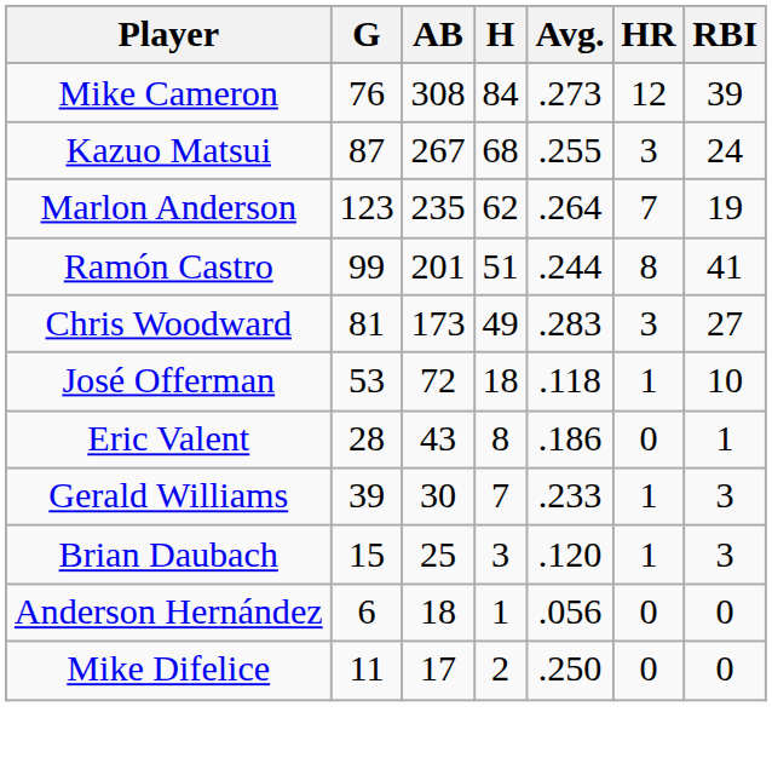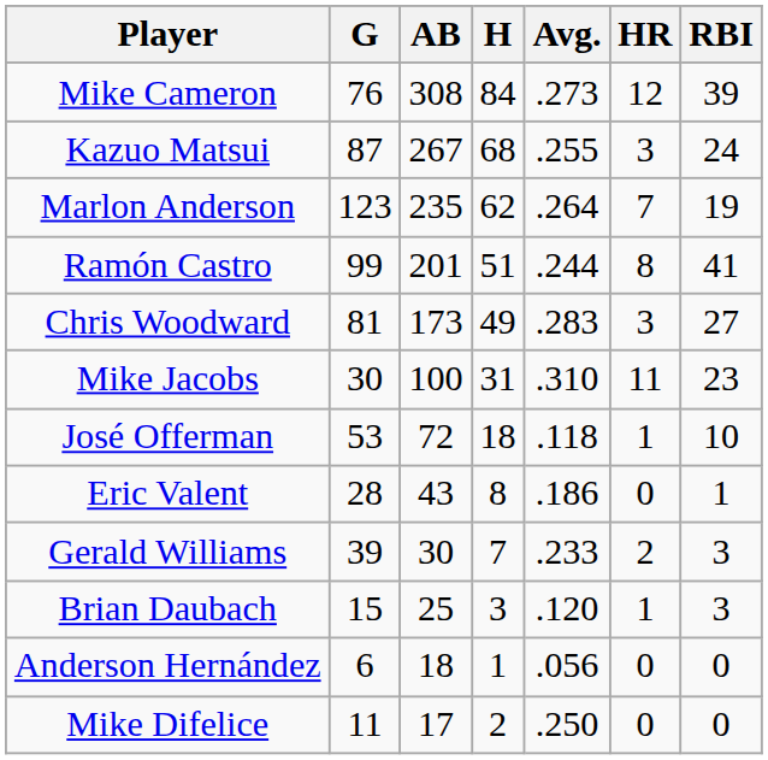 <table class="wikitable sortable">
 <tr>
 <th>Player</th>
 <th>G</th>
 <th>AB</th>
 <th>H</th>
 <th>Avg.</th>
 <th>HR</th>
 <th>RBI</th>
 </tr>
 <tr align="center">
 <td><a href='#'>Mike Cameron</a></td>
 <td>76</td>
 <td>308</td>
 <td>84</td>
 <td>.273</td>
 <td>12</td>
 <td>39</td>
 </tr>
 <tr align=center>
 <td><a href='#'>Kazuo Matsui</a></td>
 <td>87</td>
 <td>267</td>
 <td>68</td>
 <td>.255</td>
 <td>3</td>
 <td>24</td>
 </tr>
 <tr align="center">
 <td><a href='#'>Marlon Anderson</a></td>
 <td>123</td>
 <td>235</td>
 <td>62</td>
 <td>.264</td>
 <td>7</td>
 <td>19</td>
 </tr>
 <tr align=center>
 <td><a href='#'>Ramón Castro</a></td>
 <td>99</td>
 <td>201</td>
 <td>51</td>
 <td>.244</td>
 <td>8</td>
 <td>41</td>
 </tr>
 <tr align=center>
 <td><a href='#'>Chris Woodward</a></td>
 <td>81</td>
 <td>173</td>
 <td>49</td>
 <td>.283</td>
 <td>3</td>
 <td>27</td>
 </tr>
 <tr align=center>
+<td><a href='#'>Mike Jacobs</a></td>
+<td>30</td>
+<td>100</td>
+<td>31</td>
+<td>.310</td>
+<td>11</td>
+<td>23</td>
+</tr>
+<tr align=center>
 <td><a href='#'>José Offerman</a></td>
 <td>53</td>
 <td>72</td>
 <td>18</td>
 <td>.118</td>
 <td>1</td>
 <td>10</td>
 </tr>
 <tr align=center>
 <td><a href='#'>Eric Valent</a></td>
 <td>28</td>
 <td>43</td>
 <td>8</td>
 <td>.186</td>
 <td>0</td>
 <td>1</td>
 </tr>
 <tr align=center>
 <td><a href='#'>Gerald Williams</a></td>
 <td>39</td>
 <td>30</td>
 <td>7</td>
 <td>.233</td>
-<td>1</td>
+<td>2</td>
 <td>3</td>
 </tr>
 <tr align=center>
 <td><a href='#'>Brian Daubach</a></td>
 <td>15</td>
 <td>25</td>
 <td>3</td>
 <td>.120</td>
 <td>1</td>
 <td>3</td>
 </tr>
 <tr align=center>
 <td><a href='#'>Anderson Hernández</a></td>
 <td>6</td>
 <td>18</td>
 <td>1</td>
 <td>.056</td>
 <td>0</td>
 <td>0</td>
 </tr>
 <tr align=center>
 <td><a href='#'>Mike Difelice</a></td>
 <td>11</td>
 <td>17</td>
 <td>2</td>
 <td>.250</td>
 <td>0</td>
 <td>0</td>
 </tr>
 </table>
